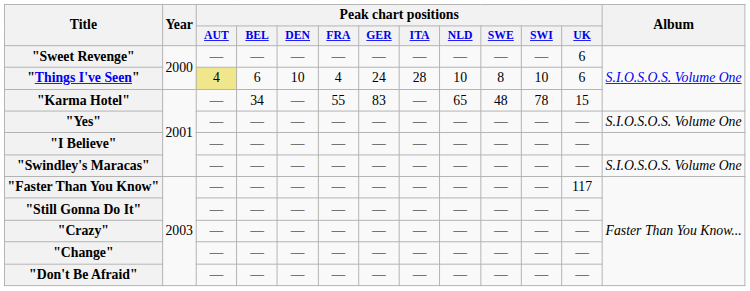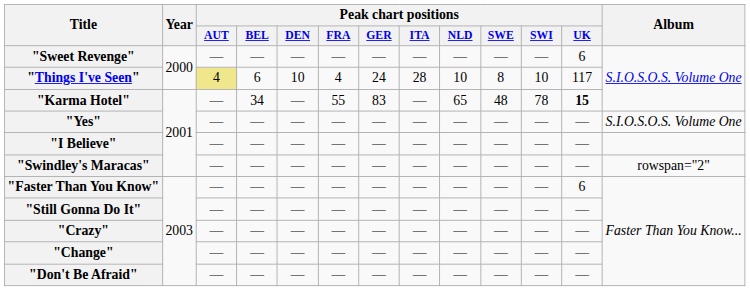 <table class="wikitable plainrowheaders" style="text-align:center;" border="1">
 <tr>
 <th scope="col" rowspan="2">Title</th>
 <th scope="col" rowspan="2">Year</th>
 <th scope="col" colspan="10">Peak chart positions</th>
 <th scope="col" rowspan="2">Album</th>
 </tr>
 <tr>
 <th scope="col" style="width:3em;font-size:85%"><a href='#'>AUT</a><br></th>
 <th scope="col" style="width:3em;font-size:85%"><a href='#'>BEL</a><br></th>
 <th scope="col" style="width:3em;font-size:85%"><a href='#'>DEN</a><br></th>
 <th scope="col" style="width:3em;font-size:85%"><a href='#'>FRA</a><br></th>
 <th scope="col" style="width:3em;font-size:85%"><a href='#'>GER</a><br></th>
 <th scope="col" style="width:3em;font-size:85%"><a href='#'>ITA</a><br></th>
 <th scope="col" style="width:3em;font-size:85%"><a href='#'>NLD</a><br></th>
 <th scope="col" style="width:3em;font-size:85%"><a href='#'>SWE</a><br></th>
 <th scope="col" style="width:3em;font-size:85%"><a href='#'>SWI</a><br></th>
 <th scope="col" style="width:3em;font-size:85%"><a href='#'>UK</a><br></th>
 </tr>
 <tr>
 <th scope="row">"Sweet Revenge"</th>
 <td rowspan="2">2000</td>
 <td>—</td>
 <td>—</td>
 <td>—</td>
 <td>—</td>
 <td>—</td>
 <td>—</td>
 <td>—</td>
 <td>—</td>
 <td>—</td>
 <td>6</td>
 <td rowspan="3"><em><a href='#'>S.I.O.S.O.S. Volume One</a></em></td>
 </tr>
 <tr>
 <th scope="row">"<a href='#'>Things I've Seen</a>"</th>
 <td style="background: khaki;">4</td>
 <td>6</td>
 <td>10</td>
 <td>4</td>
 <td>24</td>
 <td>28</td>
 <td>10</td>
 <td>8</td>
 <td>10</td>
-<td>6</td>
+<td>117</td>
 </tr>
 <tr>
 <th scope="row">"Karma Hotel"</th>
 <td rowspan="4">2001</td>
 <td>—</td>
 <td>34</td>
 <td>—</td>
 <td>55</td>
 <td>83</td>
 <td>—</td>
 <td>65</td>
 <td>48</td>
 <td>78</td>
-<td>15</td>
+<td><strong>15</strong></td>
 </tr>
 <tr>
 <th scope="row">"Yes"</th>
 <td>—</td>
 <td>—</td>
 <td>—</td>
 <td>—</td>
 <td>—</td>
 <td>—</td>
 <td>—</td>
 <td>—</td>
 <td>—</td>
 <td>—</td>
 <td><em>S.I.O.S.O.S. Volume One</em></td>
 </tr>
 <tr>
 <th scope="row">"I Believe"</th>
 <td>—</td>
 <td>—</td>
 <td>—</td>
 <td>—</td>
 <td>—</td>
 <td>—</td>
 <td>—</td>
 <td>—</td>
 <td>—</td>
 <td>—</td>
 </tr>
 <tr>
 <th scope="row">"Swindley's Maracas"</th>
 <td>—</td>
 <td>—</td>
 <td>—</td>
 <td>—</td>
 <td>—</td>
 <td>—</td>
 <td>—</td>
 <td>—</td>
 <td>—</td>
 <td>—</td>
-<td><em>S.I.O.S.O.S. Volume One</em></td>
+<td>rowspan="2" </td>
 </tr>
 <tr>
 <th scope="row">"Faster Than You Know"</th>
 <td rowspan="5">2003</td>
 <td>—</td>
 <td>—</td>
 <td>—</td>
 <td>—</td>
 <td>—</td>
 <td>—</td>
 <td>—</td>
 <td>—</td>
 <td>—</td>
-<td>117</td>
+<td>6</td>
 <td rowspan="5"><em>Faster Than You Know...</em></td>
 </tr>
 <tr>
 <th scope="row">"Still Gonna Do It"</th>
 <td>—</td>
 <td>—</td>
 <td>—</td>
 <td>—</td>
 <td>—</td>
 <td>—</td>
 <td>—</td>
 <td>—</td>
 <td>—</td>
 <td>—</td>
 </tr>
 <tr>
 <th scope="row">"Crazy"</th>
 <td>—</td>
 <td>—</td>
 <td>—</td>
 <td>—</td>
 <td>—</td>
 <td>—</td>
 <td>—</td>
 <td>—</td>
 <td>—</td>
 <td>—</td>
 </tr>
 <tr>
 <th scope="row">"Change"</th>
 <td>—</td>
 <td>—</td>
 <td>—</td>
 <td>—</td>
 <td>—</td>
 <td>—</td>
 <td>—</td>
 <td>—</td>
 <td>—</td>
 <td>—</td>
 </tr>
 <tr>
 <th scope="row">"Don't Be Afraid"</th>
 <td>—</td>
 <td>—</td>
 <td>—</td>
 <td>—</td>
 <td>—</td>
 <td>—</td>
 <td>—</td>
 <td>—</td>
 <td>—</td>
 <td>—</td>
 </tr>
 </table>
